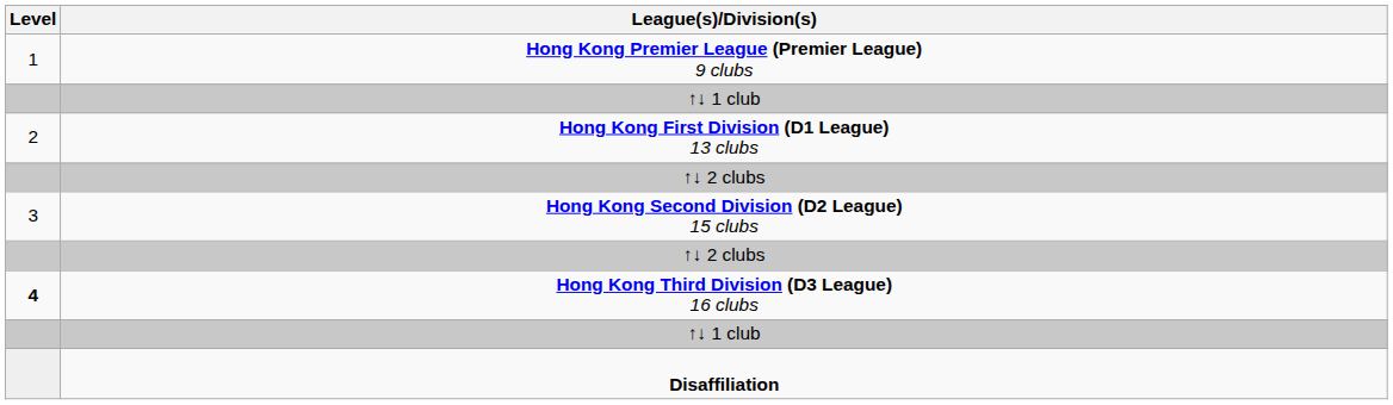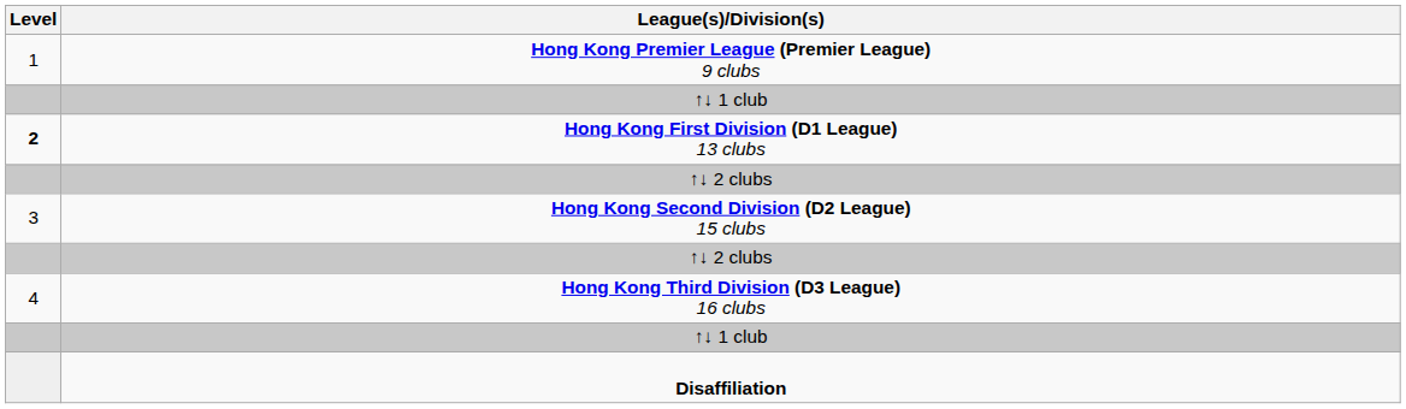 <table class="wikitable" style="text-align: center;">
 <tr>
 <th>Level</th>
 <th colspan="12">League(s)/Division(s)</th>
 </tr>
 <tr>
 <td>1</td>
 <td colspan="12"><strong><a href='#'>Hong Kong Premier League</a> (Premier League)</strong><br><em>9 clubs</em></td>
 </tr>
 <tr style="background:#c8c8c8">
 <td style="width:4%;"></td>
 <td colspan="9" style="width:96%;">↑↓ 1 club</td>
 </tr>
 <tr>
-<td>2</td>
+<td><strong>2</strong></td>
 <td colspan="12"><strong><a href='#'>Hong Kong First Division</a> (D1 League)</strong><br><em>13 clubs</em></td>
 </tr>
 <tr style="background:#c8c8c8">
 <td style="width:4%;"></td>
 <td colspan="9" style="width:96%;">↑↓ 2 clubs</td>
 </tr>
 <tr>
 <td>3</td>
 <td colspan="12"><strong><a href='#'>Hong Kong Second  Division</a> (D2 League)</strong><br><em>15 clubs</em></td>
 </tr>
 <tr style="background:#c8c8c8">
 <td style="width:4%;"></td>
 <td colspan="9" style="width:96%;">↑↓ 2 clubs</td>
 </tr>
 <tr>
-<td><strong>4</strong></td>
+<td>4</td>
 <td colspan="12"><strong><a href='#'>Hong Kong Third Division</a> (D3 League)</strong><br><em>16 clubs</em></td>
 </tr>
 <tr style="background:#c8c8c8">
 <td style="width:4%;"></td>
 <td colspan="9" style="width:96%;">↑↓ 1 club</td>
 </tr>
 <tr>
 <td style="text-align:center; width:4%; background:#efefef;"></td>
 <td colspan="12"  style="width:96%; text-align:center;"><br><strong>Disaffiliation</strong><br></td>
 </tr>
 </table>
